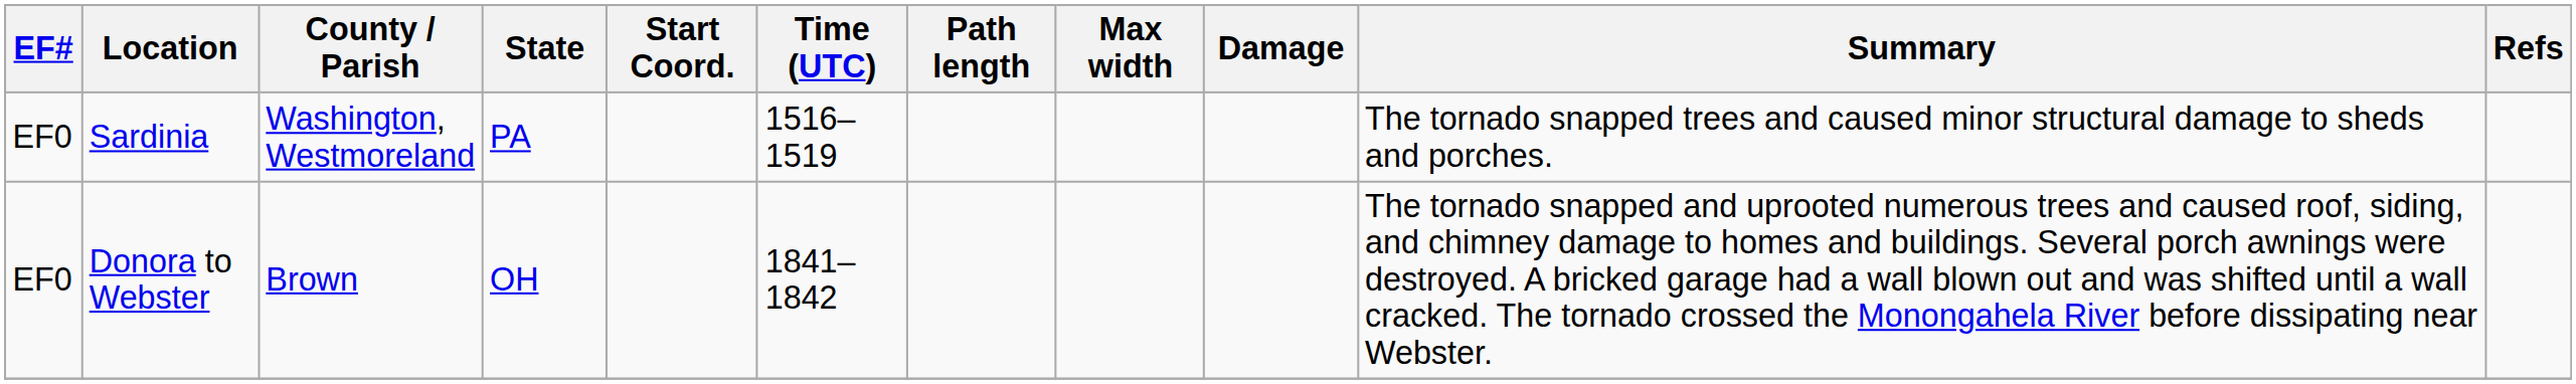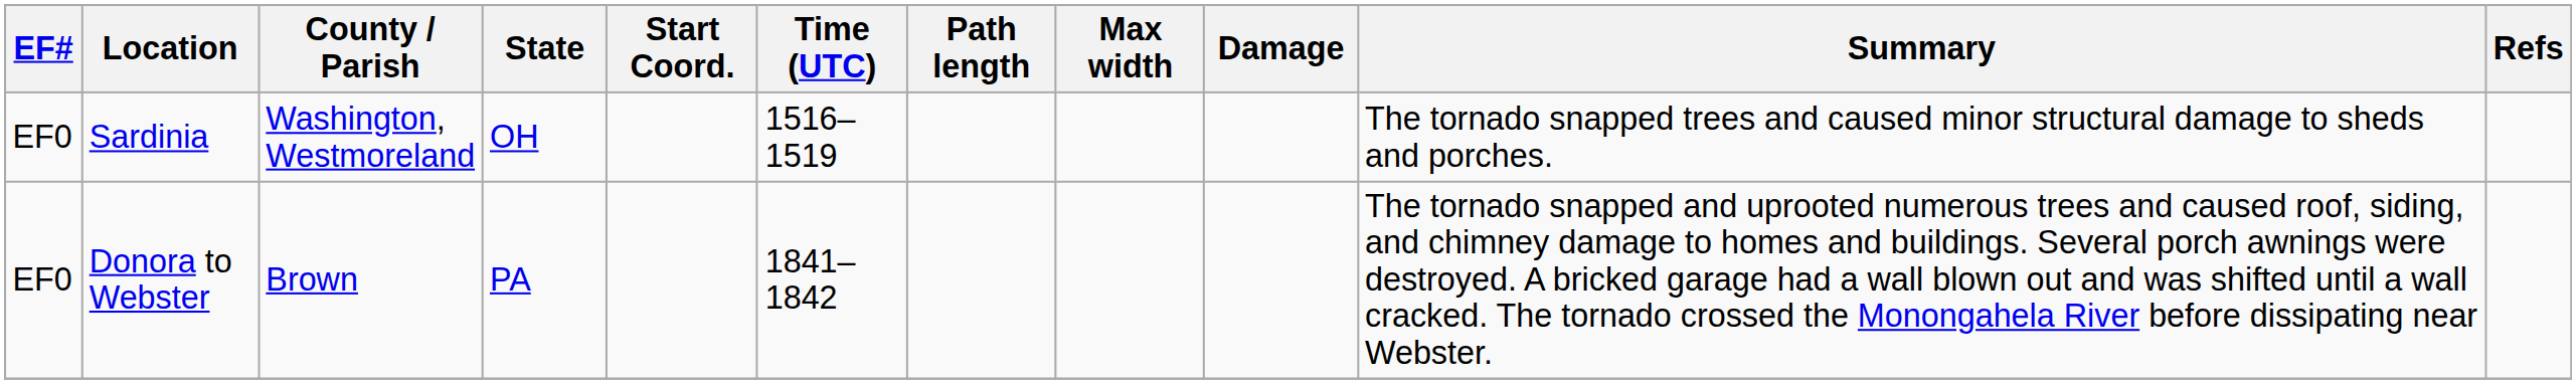 <table class="wikitable sortable" style="width:100%;">
 <tr>
 <th scope="col" width="3%" align="center"><a href='#'>EF#</a></th>
 <th scope="col" width="7%" align="center" class="unsortable">Location</th>
 <th scope="col" width="6%" align="center" class="unsortable">County / Parish</th>
 <th scope="col" width="5%" align="center">State</th>
 <th scope="col" width="6%" align="center">Start Coord.</th>
 <th scope="col" width="6%" align="center">Time (<a href='#'>UTC</a>)</th>
 <th scope="col" width="6%" align="center">Path length</th>
 <th scope="col" width="6%" align="center">Max width</th>
 <th scope="col" width="6%" align="center">Damage</th>
 <th scope="col" width="48%" class="unsortable" align="center">Summary</th>
 <th scope="col" width="48%" class="unsortable" align="center">Refs</th>
 </tr>
 <tr>
 <td>EF0</td>
 <td><a href='#'>Sardinia</a></td>
 <td><a href='#'>Washington</a>, <a href='#'>Westmoreland</a></td>
-<td><a href='#'>PA</a></td>
+<td><a href='#'>OH</a></td>
 <td></td>
 <td>1516–1519</td>
 <td></td>
 <td></td>
 <td></td>
 <td>The tornado snapped trees and caused minor structural damage to sheds and porches.</td>
 <td></td>
 </tr>
 <tr>
 <td>EF0</td>
 <td><a href='#'>Donora</a> to <a href='#'>Webster</a></td>
 <td><a href='#'>Brown</a></td>
-<td><a href='#'>OH</a></td>
+<td><a href='#'>PA</a></td>
 <td></td>
 <td>1841–1842</td>
 <td></td>
 <td></td>
 <td></td>
 <td>The tornado snapped and uprooted numerous trees and caused roof, siding, and chimney damage to homes and buildings. Several porch awnings were destroyed. A bricked garage had a wall blown out and was shifted until a wall cracked. The tornado crossed the <a href='#'>Monongahela River</a> before dissipating near Webster.</td>
 <td></td>
 </tr>
 <tr>
 </tr>
 </table>
